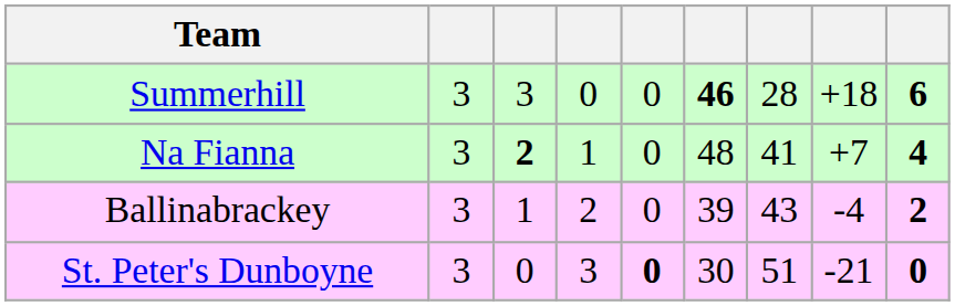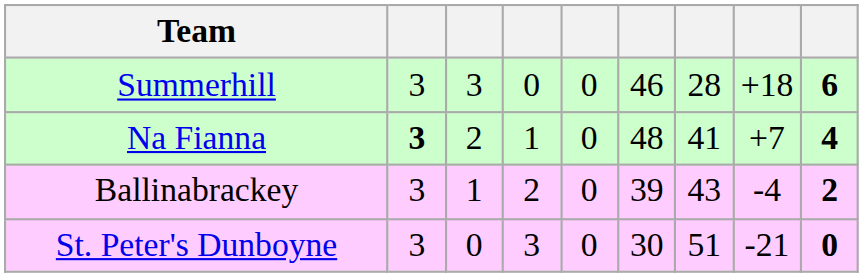 <table class="wikitable" style="text-align:center">
 <tr>
 <th style="width:175px;">Team</th>
 <th width="20"></th>
 <th width="20"></th>
 <th width="20"></th>
 <th width="20"></th>
 <th width="20"></th>
 <th width="20"></th>
 <th width="20"></th>
 <th width="20"></th>
 </tr>
 <tr style="background:#cfc;">
 <td><a href='#'>Summerhill</a></td>
 <td>3</td>
 <td>3</td>
 <td>0</td>
 <td>0</td>
-<td><strong>46</strong></td>
+<td>46</td>
 <td>28</td>
 <td>+18</td>
 <td><strong>6</strong></td>
 </tr>
 <tr style="background:#cfc;">
 <td><a href='#'>Na Fianna</a></td>
-<td>3</td>
-<td><strong>2</strong></td>
+<td><strong>3</strong></td>
+<td>2</td>
 <td>1</td>
 <td>0</td>
 <td>48</td>
 <td>41</td>
 <td>+7</td>
 <td><strong>4</strong></td>
 </tr>
 <tr style="background:#fcf;">
 <td>Ballinabrackey</td>
 <td>3</td>
 <td>1</td>
 <td>2</td>
 <td>0</td>
 <td>39</td>
 <td>43</td>
 <td>-4</td>
 <td><strong>2</strong></td>
 </tr>
 <tr style="background:#fcf;">
 <td><a href='#'>St. Peter's Dunboyne</a></td>
 <td>3</td>
 <td>0</td>
 <td>3</td>
-<td><strong>0</strong></td>
+<td>0</td>
 <td>30</td>
 <td>51</td>
 <td>-21</td>
 <td><strong>0</strong></td>
 </tr>
 </table>
